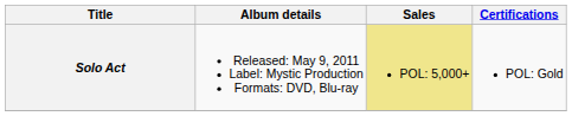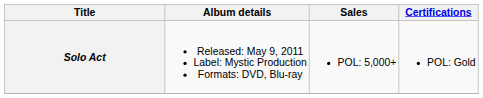 <table class="wikitable plainrowheaders" style="text-align:center;">
 <tr>
 <th scope="col" style="width:15em;">Title</th>
 <th scope="col">Album details</th>
 <th scope="col">Sales</th>
 <th scope="col"><a href='#'>Certifications</a></th>
 </tr>
 <tr>
 <th scope="row"><em>Solo Act</em></th>
 <td><br><ul><li>Released: May 9, 2011</li><li>Label: Mystic Production</li><li>Formats: DVD, Blu-ray</li></ul></td>
-<td style="background: khaki;"><br><ul><li>POL: 5,000+</li></ul></td>
+<td><br><ul><li>POL: 5,000+</li></ul></td>
 <td><br><ul><li>POL: Gold</li></ul></td>
 </tr>
 <tr>
 </tr>
 </table>
